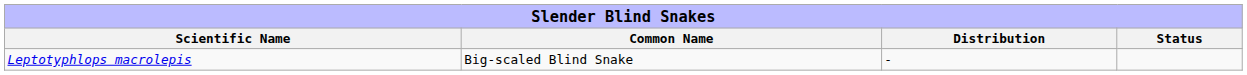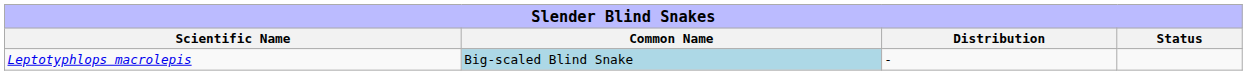 <table class="wikitable" style="width:100%;">
 <tr>
 <td colspan="100%" align="center" bgcolor="#BBBBFF"><big><strong>Slender Blind Snakes</strong></big></td>
 </tr>
 <tr>
 <th>Scientific Name</th>
 <th>Common Name</th>
 <th>Distribution</th>
 <th>Status</th>
 </tr>
 <tr>
 <td><em><a href='#'>Leptotyphlops macrolepis</a></em></td>
-<td>Big-scaled Blind Snake </td>
+<td style="background: lightblue;">Big-scaled Blind Snake </td>
 <td>-</td>
 <td></td>
 </tr>
 </table>
